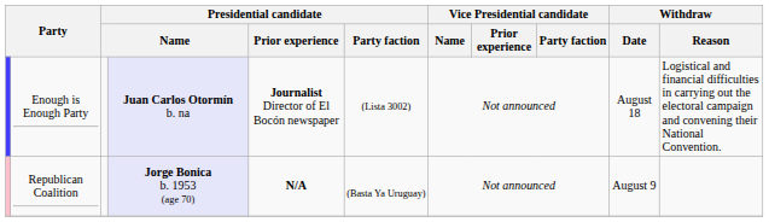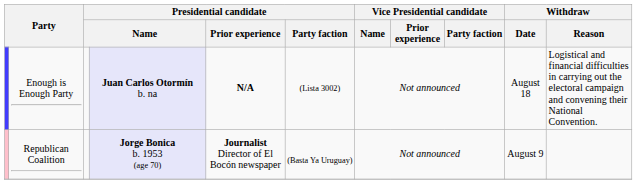 <table class="wikitable" style="text-align:center; width:795;">
 <tr>
 <th colspan="2" rowspan="2" style="width:120px;">Party</th>
 <th colspan="4" rowspan="1" style="width:310px;">Presidential candidate</th>
 <th colspan="3" rowspan="1" style="width:130px;">Vice Presidential candidate</th>
 <th colspan="2" style="width:190px;">Withdraw</th>
 </tr>
 <tr>
 <th colspan="2" style="width:190px;">Name<br></th>
 <th style="width:120px;">Prior experience</th>
 <th>Party faction</th>
 <th colspan="1" style="width:50px;">Name<br></th>
 <th style="width:80px;">Prior experience</th>
 <th>Party faction</th>
 <th style="width:60px;">Date<br></th>
 <th style="width:130px;">Reason</th>
 </tr>
 <tr>
 <td style="background:#423cfe"></td>
 <td style="width:113px;"><br>Enough is Enough Party<hr></td>
 <td></td>
 <td style="background:lavender;" data-sort-value="Juan Carlos Otormín"><strong>Juan Carlos Otormín</strong><br>b. na</td>
-<td><strong>Journalist</strong><br>Director of El Bocón newspaper</td>
+<td><strong>N/A</strong></td>
 <td><small>(Lista 3002)</small></td>
 <td colspan="3"><em>Not announced</em><br></td>
 <td>August 18</td>
 <td style="text-align:left">Logistical and financial difficulties in carrying out the electoral campaign and convening their National Convention.</td>
 </tr>
 <tr>
 <td style="background:pink"></td>
 <td style="width:113px;"><br>Republican Coalition<hr></td>
 <td></td>
 <td style="background:lavender;" data-sort-value="Jorge Bonica"><strong>Jorge Bonica</strong><br>b. 1953<br><small>(age 70)</small></td>
-<td><strong>N/A</strong></td>
+<td><strong>Journalist</strong><br>Director of El Bocón newspaper</td>
 <td><br><small>(Basta Ya Uruguay)</small></td>
 <td colspan="3"><em>Not announced</em><br></td>
 <td>August 9</td>
 <td></td>
 </tr>
 <tr>
 </tr>
 </table>
